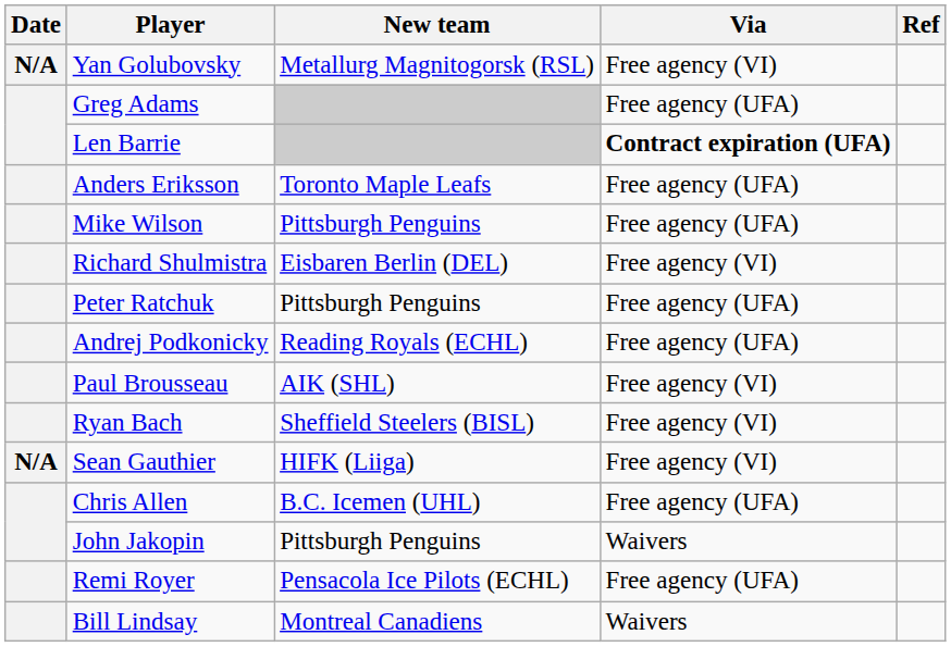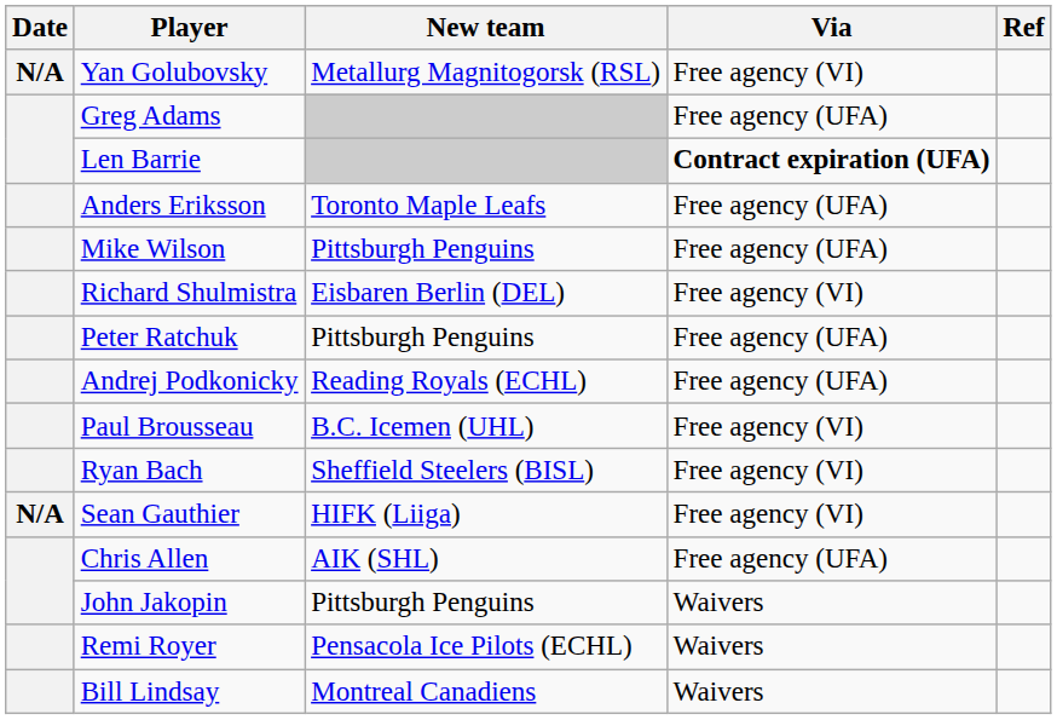 <table class="wikitable plainrowheaders">
 <tr style="background:#ddd; text-align:center;">
 <th>Date</th>
 <th>Player</th>
 <th>New team</th>
 <th>Via</th>
 <th>Ref</th>
 </tr>
 <tr>
 <th scope="row">N/A</th>
 <td><a href='#'>Yan Golubovsky</a></td>
 <td><a href='#'>Metallurg Magnitogorsk</a> (<a href='#'>RSL</a>)</td>
 <td>Free agency (VI)</td>
 <td></td>
 </tr>
 <tr>
 <th scope="row" rowspan=2></th>
 <td><a href='#'>Greg Adams</a></td>
 <td style="background:#ccc"></td>
 <td>Free agency (UFA)</td>
 <td></td>
 </tr>
 <tr>
 <td><a href='#'>Len Barrie</a></td>
 <td style="background:#ccc"></td>
 <td><strong>Contract expiration (UFA)</strong></td>
 <td></td>
 </tr>
 <tr>
 <th scope="row"></th>
 <td><a href='#'>Anders Eriksson</a></td>
 <td><a href='#'>Toronto Maple Leafs</a></td>
 <td>Free agency (UFA)</td>
 <td></td>
 </tr>
 <tr>
 <th scope="row"></th>
 <td><a href='#'>Mike Wilson</a></td>
 <td><a href='#'>Pittsburgh Penguins</a></td>
 <td>Free agency (UFA)</td>
 <td></td>
 </tr>
 <tr>
 <th scope="row"></th>
 <td><a href='#'>Richard Shulmistra</a></td>
 <td><a href='#'>Eisbaren Berlin</a> (<a href='#'>DEL</a>)</td>
 <td>Free agency (VI)</td>
 <td></td>
 </tr>
 <tr>
 <th scope="row"></th>
 <td><a href='#'>Peter Ratchuk</a></td>
 <td>Pittsburgh Penguins</td>
 <td>Free agency (UFA)</td>
 <td></td>
 </tr>
 <tr>
 <th scope="row"></th>
 <td><a href='#'>Andrej Podkonicky</a></td>
 <td><a href='#'>Reading Royals</a> (<a href='#'>ECHL</a>)</td>
 <td>Free agency (UFA)</td>
 <td></td>
 </tr>
 <tr>
 <th scope="row"></th>
 <td><a href='#'>Paul Brousseau</a></td>
-<td><a href='#'>AIK</a> (<a href='#'>SHL</a>)</td>
+<td><a href='#'>B.C. Icemen</a> (<a href='#'>UHL</a>)</td>
 <td>Free agency (VI)</td>
 <td></td>
 </tr>
 <tr>
 <th scope="row"></th>
 <td><a href='#'>Ryan Bach</a></td>
 <td><a href='#'>Sheffield Steelers</a> (<a href='#'>BISL</a>)</td>
 <td>Free agency (VI)</td>
 <td></td>
 </tr>
 <tr>
 <th scope="row">N/A</th>
 <td><a href='#'>Sean Gauthier</a></td>
 <td><a href='#'>HIFK</a> (<a href='#'>Liiga</a>)</td>
 <td>Free agency (VI)</td>
 <td></td>
 </tr>
 <tr>
 <th scope="row" rowspan=2></th>
 <td><a href='#'>Chris Allen</a></td>
-<td><a href='#'>B.C. Icemen</a> (<a href='#'>UHL</a>)</td>
+<td><a href='#'>AIK</a> (<a href='#'>SHL</a>)</td>
 <td>Free agency (UFA)</td>
 <td></td>
 </tr>
 <tr>
 <td><a href='#'>John Jakopin</a></td>
 <td>Pittsburgh Penguins</td>
 <td>Waivers</td>
 <td></td>
 </tr>
 <tr>
 <th scope="row"></th>
 <td><a href='#'>Remi Royer</a></td>
 <td><a href='#'>Pensacola Ice Pilots</a> (ECHL)</td>
-<td>Free agency (UFA)</td>
+<td>Waivers</td>
 <td></td>
 </tr>
 <tr>
 <th scope="row"></th>
 <td><a href='#'>Bill Lindsay</a></td>
 <td><a href='#'>Montreal Canadiens</a></td>
 <td>Waivers</td>
 <td></td>
 </tr>
 </table>
